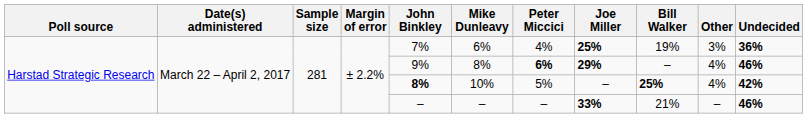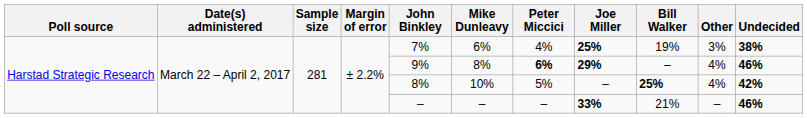 <table class="wikitable">
 <tr valign=bottom>
 <th>Poll source</th>
 <th>Date(s)<br>administered</th>
 <th>Sample<br>size</th>
 <th>Margin<br>of error</th>
 <th style="width:75px;">John<br>Binkley</th>
 <th style="width:75px;">Mike<br>Dunleavy</th>
 <th style="width:75px;">Peter<br>Miccici</th>
 <th style="width:75px;">Joe<br>Miller</th>
 <th style="width:75px;">Bill<br>Walker</th>
 <th>Other</th>
 <th>Undecided</th>
 </tr>
 <tr>
 <td rowspan=4><a href='#'>Harstad Strategic Research</a></td>
 <td align=center rowspan=4>March 22 – April 2, 2017</td>
 <td align=center rowspan=4>281</td>
 <td align=center rowspan=4>± 2.2%</td>
 <td align=center>7%</td>
 <td align=center>6%</td>
 <td align=center>4%</td>
 <td><strong>25%</strong></td>
 <td align=center>19%</td>
 <td align=center>3%</td>
-<td><strong>36%</strong></td>
+<td><strong>38%</strong></td>
 </tr>
 <tr>
 <td align=center>9%</td>
 <td align=center>8%</td>
 <td align=center><strong>6%</strong></td>
 <td><strong>29%</strong></td>
 <td align=center>–</td>
 <td align=center>4%</td>
 <td><strong>46%</strong></td>
 </tr>
 <tr>
-<td align=center><strong>8%</strong></td>
+<td align=center>8%</td>
 <td align=center>10%</td>
 <td align=center>5%</td>
 <td align=center>–</td>
 <td><strong>25%</strong></td>
 <td align=center>4%</td>
 <td><strong>42%</strong></td>
 </tr>
 <tr>
 <td align=center>–</td>
 <td align=center>–</td>
 <td align=center>–</td>
 <td><strong>33%</strong></td>
 <td align=center>21%</td>
 <td align=center>–</td>
 <td><strong>46%</strong></td>
 </tr>
 </table>
